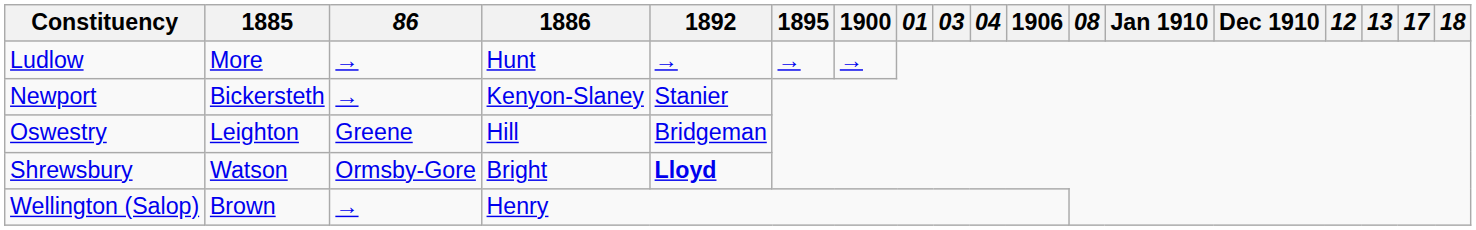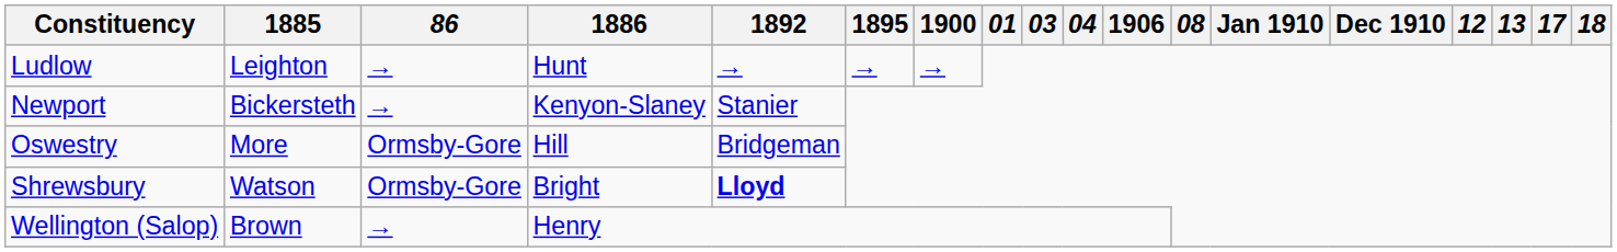 <table class="wikitable">
 <tr>
 <th>Constituency</th>
 <th>1885</th>
 <th><em>86</em></th>
 <th>1886</th>
 <th>1892</th>
 <th>1895</th>
 <th>1900</th>
 <th><em>01</em></th>
 <th><em>03</em></th>
 <th><em>04</em></th>
 <th>1906</th>
 <th><em>08</em></th>
 <th>Jan 1910</th>
 <th>Dec 1910</th>
 <th><em>12</em></th>
 <th><em>13</em></th>
 <th><em>17</em></th>
 <th><em>18</em></th>
 </tr>
 <tr>
 <td><a href='#'>Ludlow</a></td>
-<td><a href='#'>More</a></td>
+<td><a href='#'>Leighton</a></td>
 <td><a href='#'>→</a></td>
 <td><a href='#'>Hunt</a></td>
 <td><a href='#'>→</a></td>
 <td><a href='#'>→</a></td>
 <td><a href='#'>→</a></td>
 </tr>
 <tr>
 <td><a href='#'>Newport</a></td>
 <td><a href='#'>Bickersteth</a></td>
 <td><a href='#'>→</a></td>
 <td><a href='#'>Kenyon-Slaney</a></td>
 <td><a href='#'>Stanier</a></td>
 </tr>
 <tr>
 <td><a href='#'>Oswestry</a></td>
-<td><a href='#'>Leighton</a></td>
-<td><a href='#'>Greene</a></td>
+<td><a href='#'>More</a></td>
+<td><a href='#'>Ormsby-Gore</a></td>
 <td><a href='#'>Hill</a></td>
 <td><a href='#'>Bridgeman</a></td>
 </tr>
 <tr>
 <td><a href='#'>Shrewsbury</a></td>
 <td><a href='#'>Watson</a></td>
 <td><a href='#'>Ormsby-Gore</a></td>
 <td><a href='#'>Bright</a></td>
 <td><strong><a href='#'>Lloyd</a></strong></td>
 </tr>
 <tr>
 <td><a href='#'>Wellington (Salop)</a></td>
 <td><a href='#'>Brown</a></td>
 <td><a href='#'>→</a></td>
 <td colspan="8"><a href='#'>Henry</a></td>
 </tr>
 </table>
